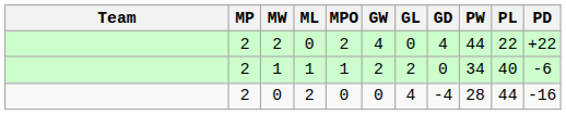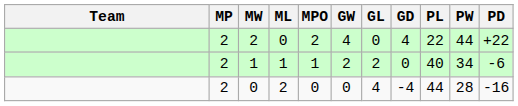 <table class=wikitable style="text-align:center">
 <tr>
 <th width=175>Team</th>
 <th width=20>MP</th>
 <th width=20>MW</th>
 <th width=20>ML</th>
 <th width=20>MPO</th>
 <th width=20>GW</th>
 <th width=20>GL</th>
 <th width=20>GD</th>
+<th width=20>PL</th>
 <th width=20>PW</th>
-<th width=20>PL</th>
 <th width=20>PD</th>
 </tr>
 <tr bgcolor="#ccffcc">
 <td align=left><strong><br></strong></td>
 <td>2</td>
 <td>2</td>
 <td>0</td>
 <td>2</td>
 <td>4</td>
 <td>0</td>
 <td>4</td>
+<td>22</td>
 <td>44</td>
-<td>22</td>
 <td>+22</td>
 </tr>
 <tr bgcolor="#ccffcc">
 <td align=left><strong><br></strong></td>
 <td>2</td>
 <td>1</td>
 <td>1</td>
 <td>1</td>
 <td>2</td>
 <td>2</td>
 <td>0</td>
+<td>40</td>
 <td>34</td>
-<td>40</td>
 <td>-6</td>
 </tr>
 <tr>
 <td align=left><br></td>
 <td>2</td>
 <td>0</td>
 <td>2</td>
 <td>0</td>
 <td>0</td>
 <td>4</td>
 <td>-4</td>
+<td>44</td>
 <td>28</td>
-<td>44</td>
 <td>-16</td>
 </tr>
 </table>
